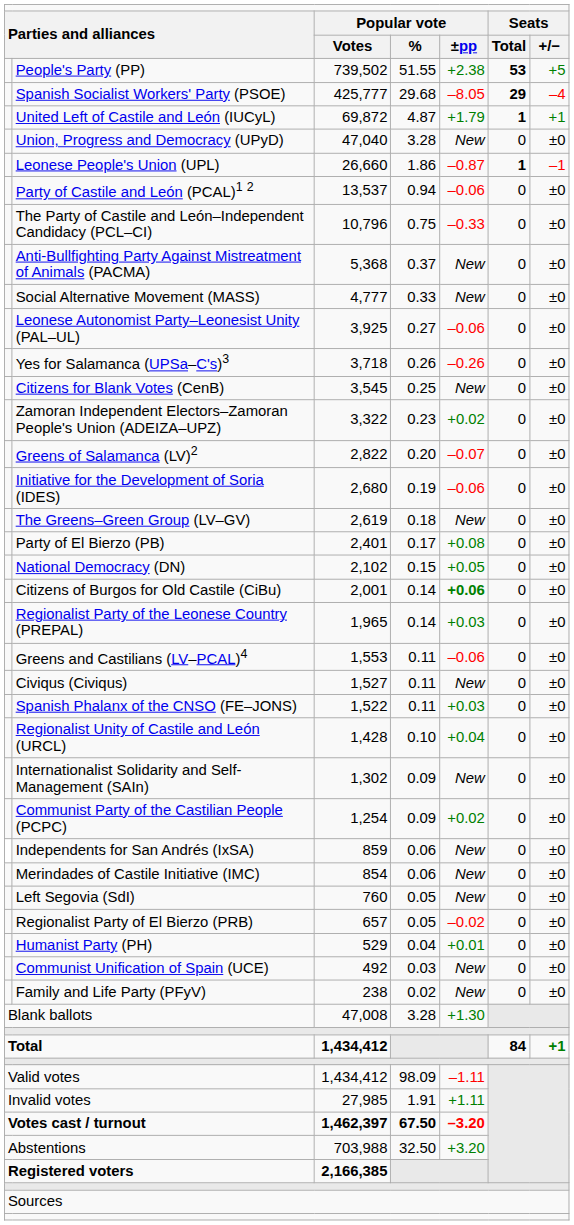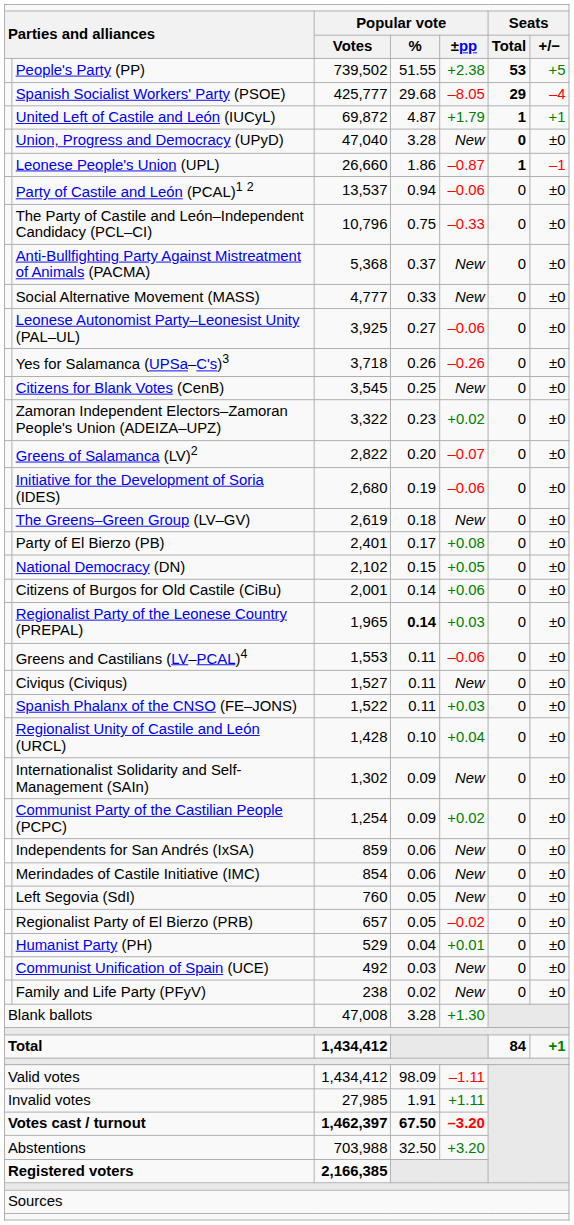 <table class="wikitable" style="text-align:right;">
 <tr>
 <td colspan="7"></td>
 </tr>
 <tr>
 <th style="text-align:left;" rowspan="2" colspan="2" width="525">Parties and alliances</th>
 <th colspan="3">Popular vote</th>
 <th colspan="2">Seats</th>
 </tr>
 <tr>
 <th width="75">Votes</th>
 <th width="45">%</th>
 <th width="45">±<a href='#'>pp</a></th>
 <th width="35">Total</th>
 <th width="35">+/−</th>
 </tr>
 <tr>
 <td width="1" style="color:inherit;background:"></td>
 <td align="left"><a href='#'>People's Party</a> (PP)</td>
 <td>739,502</td>
 <td>51.55</td>
 <td style="color:green;">+2.38</td>
 <td><strong>53</strong></td>
 <td style="color:green;">+5</td>
 </tr>
 <tr>
 <td style="color:inherit;background:"></td>
 <td align="left"><a href='#'>Spanish Socialist Workers' Party</a> (PSOE)</td>
 <td>425,777</td>
 <td>29.68</td>
 <td style="color:red;">–8.05</td>
 <td><strong>29</strong></td>
 <td style="color:red;">–4</td>
 </tr>
 <tr>
 <td style="color:inherit;background:"></td>
 <td align="left"><a href='#'>United Left of Castile and León</a> (IUCyL)</td>
 <td>69,872</td>
 <td>4.87</td>
 <td style="color:green;">+1.79</td>
 <td><strong>1</strong></td>
 <td style="color:green;">+1</td>
 </tr>
 <tr>
 <td style="color:inherit;background:"></td>
 <td align="left"><a href='#'>Union, Progress and Democracy</a> (UPyD)</td>
 <td>47,040</td>
 <td>3.28</td>
 <td><em>New</em></td>
-<td>0</td>
+<td><strong>0</strong></td>
 <td>±0</td>
 </tr>
 <tr>
 <td style="color:inherit;background:"></td>
 <td align="left"><a href='#'>Leonese People's Union</a> (UPL)</td>
 <td>26,660</td>
 <td>1.86</td>
 <td style="color:red;">–0.87</td>
 <td><strong>1</strong></td>
 <td style="color:red;">–1</td>
 </tr>
 <tr>
 <td style="color:inherit;background:"></td>
 <td align="left"><a href='#'>Party of Castile and León</a> (PCAL)<sup>1</sup> <sup>2</sup></td>
 <td>13,537</td>
 <td>0.94</td>
 <td style="color:red;">–0.06</td>
 <td>0</td>
 <td>±0</td>
 </tr>
 <tr>
 <td style="color:inherit;background:"></td>
 <td align="left">The Party of Castile and León–Independent Candidacy (PCL–CI)</td>
 <td>10,796</td>
 <td>0.75</td>
 <td style="color:red;">–0.33</td>
 <td>0</td>
 <td>±0</td>
 </tr>
 <tr>
 <td style="color:inherit;background:"></td>
 <td align="left"><a href='#'>Anti-Bullfighting Party Against Mistreatment of Animals</a> (PACMA)</td>
 <td>5,368</td>
 <td>0.37</td>
 <td><em>New</em></td>
 <td>0</td>
 <td>±0</td>
 </tr>
 <tr>
 <td style="color:inherit;background:"></td>
 <td align="left">Social Alternative Movement (MASS)</td>
 <td>4,777</td>
 <td>0.33</td>
 <td><em>New</em></td>
 <td>0</td>
 <td>±0</td>
 </tr>
 <tr>
 <td style="color:inherit;background:"></td>
 <td align="left"><a href='#'>Leonese Autonomist Party–Leonesist Unity</a> (PAL–UL)</td>
 <td>3,925</td>
 <td>0.27</td>
 <td style="color:red;">–0.06</td>
 <td>0</td>
 <td>±0</td>
 </tr>
 <tr>
 <td style="color:inherit;background:"></td>
 <td align="left">Yes for Salamanca (<a href='#'>UPSa</a>–<a href='#'>C's</a>)<sup>3</sup></td>
 <td>3,718</td>
 <td>0.26</td>
 <td style="color:red;">–0.26</td>
 <td>0</td>
 <td>±0</td>
 </tr>
 <tr>
 <td style="color:inherit;background:"></td>
 <td align="left"><a href='#'>Citizens for Blank Votes</a> (CenB)</td>
 <td>3,545</td>
 <td>0.25</td>
 <td><em>New</em></td>
 <td>0</td>
 <td>±0</td>
 </tr>
 <tr>
 <td style="color:inherit;background:"></td>
 <td align="left">Zamoran Independent Electors–Zamoran People's Union (ADEIZA–UPZ)</td>
 <td>3,322</td>
 <td>0.23</td>
 <td style="color:green;">+0.02</td>
 <td>0</td>
 <td>±0</td>
 </tr>
 <tr>
 <td style="color:inherit;background:"></td>
 <td align="left"><a href='#'>Greens of Salamanca</a> (LV)<sup>2</sup></td>
 <td>2,822</td>
 <td>0.20</td>
 <td style="color:red;">–0.07</td>
 <td>0</td>
 <td>±0</td>
 </tr>
 <tr>
 <td style="color:inherit;background:"></td>
 <td align="left"><a href='#'>Initiative for the Development of Soria</a> (IDES)</td>
 <td>2,680</td>
 <td>0.19</td>
 <td style="color:red;">–0.06</td>
 <td>0</td>
 <td>±0</td>
 </tr>
 <tr>
 <td style="color:inherit;background:"></td>
 <td align="left"><a href='#'>The Greens–Green Group</a> (LV–GV)</td>
 <td>2,619</td>
 <td>0.18</td>
 <td><em>New</em></td>
 <td>0</td>
 <td>±0</td>
 </tr>
 <tr>
 <td style="color:inherit;background:"></td>
 <td align="left">Party of El Bierzo (PB)</td>
 <td>2,401</td>
 <td>0.17</td>
 <td style="color:green;">+0.08</td>
 <td>0</td>
 <td>±0</td>
 </tr>
 <tr>
 <td style="color:inherit;background:"></td>
 <td align="left"><a href='#'>National Democracy</a> (DN)</td>
 <td>2,102</td>
 <td>0.15</td>
 <td style="color:green;">+0.05</td>
 <td>0</td>
 <td>±0</td>
 </tr>
 <tr>
 <td style="color:inherit;background:"></td>
 <td align="left">Citizens of Burgos for Old Castile (CiBu)</td>
 <td>2,001</td>
 <td>0.14</td>
-<td style="color:green;"><strong>+0.06</strong></td>
+<td style="color:green;">+0.06</td>
 <td>0</td>
 <td>±0</td>
 </tr>
 <tr>
 <td style="color:inherit;background:"></td>
 <td align="left"><a href='#'>Regionalist Party of the Leonese Country</a> (PREPAL)</td>
 <td>1,965</td>
-<td>0.14</td>
+<td><strong>0.14</strong></td>
 <td style="color:green;">+0.03</td>
 <td>0</td>
 <td>±0</td>
 </tr>
 <tr>
 <td style="color:inherit;background:"></td>
 <td align="left">Greens and Castilians (<a href='#'>LV</a>–<a href='#'>PCAL</a>)<sup>4</sup></td>
 <td>1,553</td>
 <td>0.11</td>
 <td style="color:red;">–0.06</td>
 <td>0</td>
 <td>±0</td>
 </tr>
 <tr>
 <td style="color:inherit;background:"></td>
 <td align="left">Civiqus (Civiqus)</td>
 <td>1,527</td>
 <td>0.11</td>
 <td><em>New</em></td>
 <td>0</td>
 <td>±0</td>
 </tr>
 <tr>
 <td style="color:inherit;background:"></td>
 <td align="left"><a href='#'>Spanish Phalanx of the CNSO</a> (FE–JONS)</td>
 <td>1,522</td>
 <td>0.11</td>
 <td style="color:green;">+0.03</td>
 <td>0</td>
 <td>±0</td>
 </tr>
 <tr>
 <td style="color:inherit;background:"></td>
 <td align="left"><a href='#'>Regionalist Unity of Castile and León</a> (URCL)</td>
 <td>1,428</td>
 <td>0.10</td>
 <td style="color:green;">+0.04</td>
 <td>0</td>
 <td>±0</td>
 </tr>
 <tr>
 <td style="color:inherit;background:"></td>
 <td align="left">Internationalist Solidarity and Self-Management (SAIn)</td>
 <td>1,302</td>
 <td>0.09</td>
 <td><em>New</em></td>
 <td>0</td>
 <td>±0</td>
 </tr>
 <tr>
 <td style="color:inherit;background:"></td>
 <td align="left"><a href='#'>Communist Party of the Castilian People</a> (PCPC)</td>
 <td>1,254</td>
 <td>0.09</td>
 <td style="color:green;">+0.02</td>
 <td>0</td>
 <td>±0</td>
 </tr>
 <tr>
 <td bgcolor="white"></td>
 <td align="left">Independents for San Andrés (IxSA)</td>
 <td>859</td>
 <td>0.06</td>
 <td><em>New</em></td>
 <td>0</td>
 <td>±0</td>
 </tr>
 <tr>
 <td style="color:inherit;background:"></td>
 <td align="left">Merindades of Castile Initiative (IMC)</td>
 <td>854</td>
 <td>0.06</td>
 <td><em>New</em></td>
 <td>0</td>
 <td>±0</td>
 </tr>
 <tr>
 <td style="color:inherit;background:"></td>
 <td align="left">Left Segovia (SdI)</td>
 <td>760</td>
 <td>0.05</td>
 <td><em>New</em></td>
 <td>0</td>
 <td>±0</td>
 </tr>
 <tr>
 <td style="color:inherit;background:"></td>
 <td align="left">Regionalist Party of El Bierzo (PRB)</td>
 <td>657</td>
 <td>0.05</td>
 <td style="color:red;">–0.02</td>
 <td>0</td>
 <td>±0</td>
 </tr>
 <tr>
 <td style="color:inherit;background:"></td>
 <td align="left"><a href='#'>Humanist Party</a> (PH)</td>
 <td>529</td>
 <td>0.04</td>
 <td style="color:green;">+0.01</td>
 <td>0</td>
 <td>±0</td>
 </tr>
 <tr>
 <td style="color:inherit;background:"></td>
 <td align="left"><a href='#'>Communist Unification of Spain</a> (UCE)</td>
 <td>492</td>
 <td>0.03</td>
 <td><em>New</em></td>
 <td>0</td>
 <td>±0</td>
 </tr>
 <tr>
 <td style="color:inherit;background:"></td>
 <td align="left">Family and Life Party (PFyV)</td>
 <td>238</td>
 <td>0.02</td>
 <td><em>New</em></td>
 <td>0</td>
 <td>±0</td>
 </tr>
 <tr>
 <td align="left" colspan="2">Blank ballots</td>
 <td>47,008</td>
 <td>3.28</td>
 <td style="color:green;">+1.30</td>
 <td bgcolor="#E9E9E9" colspan="2"></td>
 </tr>
 <tr>
 <td colspan="7" bgcolor="#E9E9E9"></td>
 </tr>
 <tr style="font-weight:bold;">
 <td align="left" colspan="2">Total</td>
 <td>1,434,412</td>
 <td bgcolor="#E9E9E9" colspan="2"></td>
 <td>84</td>
 <td style="color:green;">+1</td>
 </tr>
 <tr>
 <td colspan="7" bgcolor="#E9E9E9"></td>
 </tr>
 <tr>
 <td align="left" colspan="2">Valid votes</td>
 <td>1,434,412</td>
 <td>98.09</td>
 <td style="color:red;">–1.11</td>
 <td bgcolor="#E9E9E9" colspan="2" rowspan="5"></td>
 </tr>
 <tr>
 <td align="left" colspan="2">Invalid votes</td>
 <td>27,985</td>
 <td>1.91</td>
 <td style="color:green;">+1.11</td>
 </tr>
 <tr style="font-weight:bold;">
 <td align="left" colspan="2">Votes cast / turnout</td>
 <td>1,462,397</td>
 <td>67.50</td>
 <td style="color:red;">–3.20</td>
 </tr>
 <tr>
 <td align="left" colspan="2">Abstentions</td>
 <td>703,988</td>
 <td>32.50</td>
 <td style="color:green;">+3.20</td>
 </tr>
 <tr style="font-weight:bold;">
 <td align="left" colspan="2">Registered voters</td>
 <td>2,166,385</td>
 <td bgcolor="#E9E9E9" colspan="2"></td>
 </tr>
 <tr>
 <td colspan="7" bgcolor="#E9E9E9"></td>
 </tr>
 <tr>
 <td align="left" colspan="7">Sources</td>
 </tr>
 <tr>
 <td colspan="7" style="text-align:left; max-width:790px;"></td>
 </tr>
 </table>
